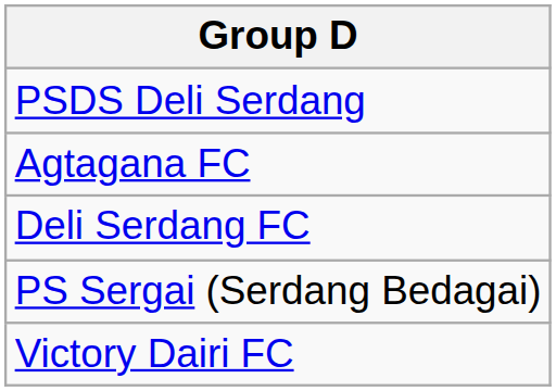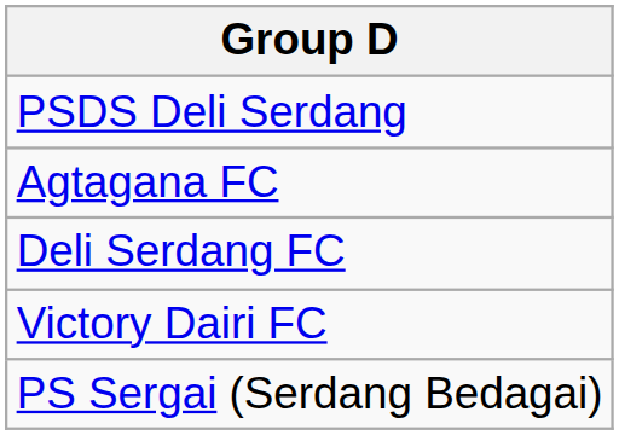 <table class="wikitable">
 <tr>
 <th><strong>Group D</strong></th>
 </tr>
 <tr>
 <td><a href='#'>PSDS Deli Serdang</a></td>
 </tr>
 <tr>
 <td><a href='#'>Agtagana FC</a></td>
 </tr>
 <tr>
 <td><a href='#'>Deli Serdang FC</a></td>
 </tr>
 <tr>
+<td><a href='#'>Victory Dairi FC</a></td>
+</tr>
+<tr>
 <td><a href='#'>PS Sergai</a> (Serdang Bedagai)</td>
 </tr>
-<tr>
-<td><a href='#'>Victory Dairi FC</a></td>
-</tr>
 </table>
